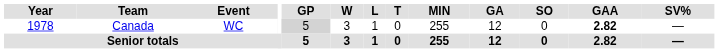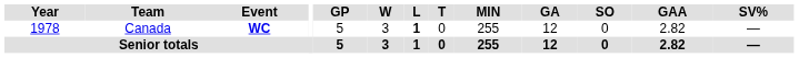 <table border="0" cellpadding="1" cellspacing="0" ID="Table3" style="text-align:center; width:60em">
 <tr ALIGN="center" bgcolor="#e0e0e0">
 <th>Year</th>
 <th>Team</th>
 <th>Event</th>
 <th rowspan="99" bgcolor="#ffffff"></th>
 <th>GP</th>
 <th>W</th>
 <th>L</th>
 <th>T</th>
 <th>MIN</th>
 <th>GA</th>
 <th>SO</th>
 <th>GAA</th>
 <th>SV%</th>
 </tr>
 <tr>
 <td><a href='#'>1978</a></td>
 <td><a href='#'>Canada</a></td>
-<td><a href='#'>WC</a></td>
-<td style="background: lightgrey;">5</td>
+<td><strong><a href='#'>WC</a></strong></td>
+<td>5</td>
 <td>3</td>
-<td>1</td>
+<td><strong>1</strong></td>
 <td>0</td>
 <td>255</td>
 <td>12</td>
 <td>0</td>
-<td><strong>2.82</strong></td>
+<td>2.82</td>
 <td>—</td>
 </tr>
 <tr bgcolor="#e0e0e0">
 <th colspan=4>Senior totals</th>
 <th>5</th>
 <th>3</th>
 <th>1</th>
 <th>0</th>
 <th>255</th>
 <th>12</th>
 <th>0</th>
 <th>2.82</th>
 <th>—</th>
 </tr>
 </table>
